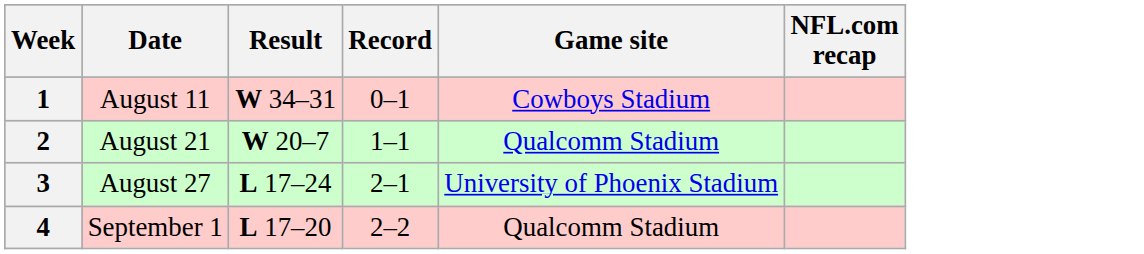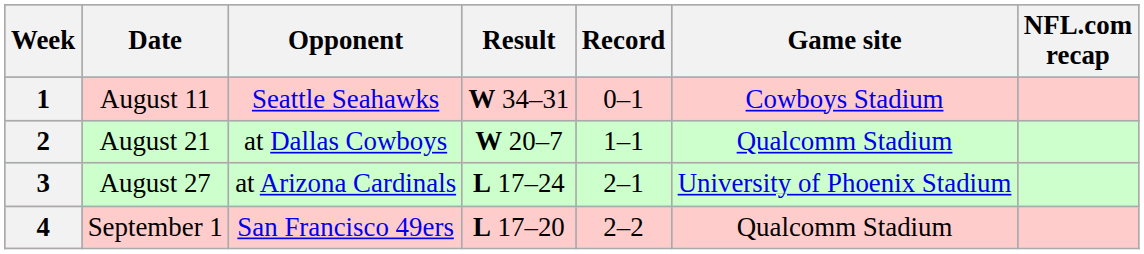 <table class="wikitable" style="text-align:center">
 <tr>
 <th>Week</th>
 <th>Date</th>
+<th>Opponent</th>
 <th>Result</th>
 <th>Record</th>
 <th>Game site</th>
 <th>NFL.com<br>recap</th>
 </tr>
 <tr style="background:#fcc">
 <th>1</th>
 <td>August 11</td>
+<td><a href='#'>Seattle Seahawks</a></td>
 <td><strong>W</strong> 34–31</td>
 <td>0–1</td>
 <td><a href='#'>Cowboys Stadium</a></td>
 <td></td>
 </tr>
 <tr style="background:#cfc">
 <th>2</th>
 <td>August 21</td>
+<td>at <a href='#'>Dallas Cowboys</a></td>
 <td><strong>W</strong> 20–7</td>
 <td>1–1</td>
 <td><a href='#'>Qualcomm Stadium</a></td>
 <td></td>
 </tr>
 <tr style="background:#cfc">
 <th>3</th>
 <td>August 27</td>
+<td>at <a href='#'>Arizona Cardinals</a></td>
 <td><strong>L</strong> 17–24</td>
 <td>2–1</td>
 <td><a href='#'>University of Phoenix Stadium</a></td>
 <td></td>
 </tr>
 <tr style="background:#fcc">
 <th>4</th>
 <td>September 1</td>
+<td><a href='#'>San Francisco 49ers</a></td>
 <td><strong>L</strong> 17–20</td>
 <td>2–2</td>
 <td>Qualcomm Stadium</td>
 <td></td>
 </tr>
 </table>
